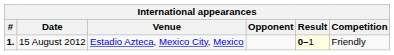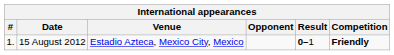 <table class="wikitable collapsible collapsed" style="font-size:100%">
 <tr>
 <th colspan="10"><strong>International appearances</strong></th>
 </tr>
 <tr>
 <th>#</th>
 <th>Date</th>
 <th>Venue</th>
 <th>Opponent</th>
 <th>Result</th>
 <th>Competition</th>
 </tr>
 <tr>
-<td><strong>1.</strong></td>
+<td>1.</td>
 <td>15 August 2012</td>
 <td><a href='#'>Estadio Azteca</a>, <a href='#'>Mexico City</a>, <a href='#'>Mexico</a></td>
 <td></td>
-<td style="background: lightyellow;"><strong>0–</strong>1</td>
-<td>Friendly</td>
+<td><strong>0–</strong>1</td>
+<td><strong>Friendly</strong></td>
 </tr>
 </table>
